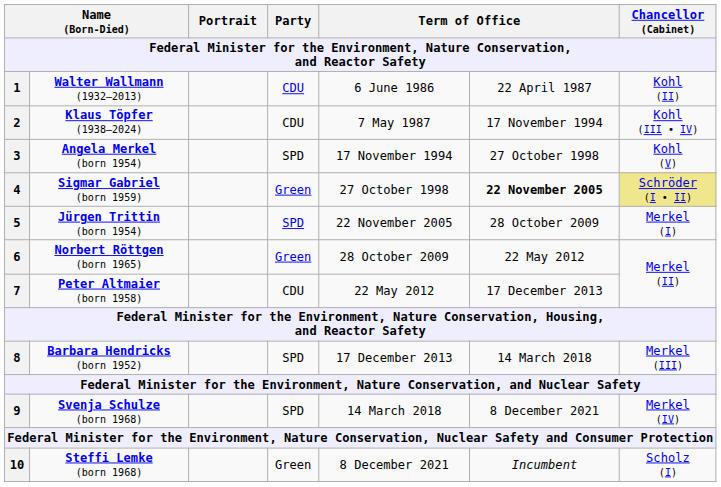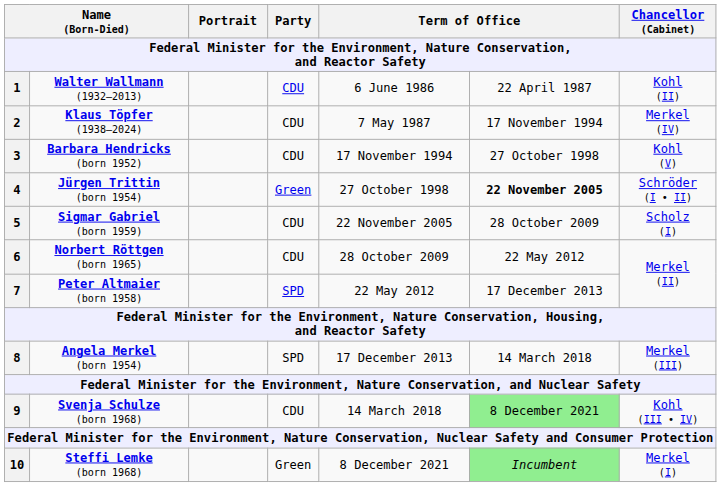 <table class="wikitable" style="text-align:center;">
 <tr>
 <th colspan=2>Name<br><small>(Born-Died)</small></th>
 <th>Portrait</th>
 <th>Party</th>
 <th colspan=2>Term of Office</th>
 <th><a href='#'>Chancellor</a><br><small>(Cabinet)</small></th>
 </tr>
 <tr>
 <th colspan="7" style="background:#EEEEFF">Federal Minister for the Environment, Nature Conservation,<br>and Reactor Safety</th>
 </tr>
 <tr>
 <th style="background:">1</th>
 <td><strong><a href='#'>Walter Wallmann</a></strong><br><small>(1932–2013)</small></td>
 <td></td>
 <td><a href='#'>CDU</a></td>
 <td>6 June 1986</td>
 <td>22 April 1987</td>
 <td><a href='#'>Kohl</a><br><small>(<a href='#'>II</a>)</small></td>
 </tr>
 <tr>
 <th style="background:">2</th>
 <td><strong><a href='#'>Klaus Töpfer</a></strong><br><small>(1938–2024)</small></td>
 <td></td>
 <td>CDU</td>
 <td>7 May 1987</td>
 <td>17 November 1994</td>
-<td><a href='#'>Kohl</a><br><small>(<a href='#'>III</a> • <a href='#'>IV</a>)</small></td>
+<td rowspan=1><a href='#'>Merkel</a><br><small>(<a href='#'>IV</a>)</small></td>
 </tr>
 <tr>
 <th style="background:">3</th>
-<td><strong><a href='#'>Angela Merkel</a></strong><br><small>(born 1954)</small></td>
+<td><strong><a href='#'>Barbara Hendricks</a></strong><br><small>(born 1952)</small></td>
 <td></td>
-<td>SPD</td>
+<td>CDU</td>
 <td>17 November 1994</td>
 <td>27 October 1998</td>
 <td><a href='#'>Kohl</a><br><small>(<a href='#'>V</a>)</small></td>
 </tr>
 <tr>
 <th style="background:">4</th>
-<td><strong><a href='#'>Sigmar Gabriel</a></strong><br><small>(born 1959)</small></td>
+<td><strong><a href='#'>Jürgen Trittin</a></strong><br><small>(born 1954)</small></td>
 <td></td>
 <td><a href='#'>Green</a></td>
 <td>27 October 1998</td>
 <td><strong>22 November 2005</strong></td>
-<td style="background: khaki;"><a href='#'>Schröder</a><br><small>(<a href='#'>I</a> • <a href='#'>II</a>)</small></td>
+<td><a href='#'>Schröder</a><br><small>(<a href='#'>I</a> • <a href='#'>II</a>)</small></td>
 </tr>
 <tr>
 <th style="background:">5</th>
-<td><strong><a href='#'>Jürgen Trittin</a></strong><br><small>(born 1954)</small></td>
+<td><strong><a href='#'>Sigmar Gabriel</a></strong><br><small>(born 1959)</small></td>
 <td></td>
-<td><a href='#'>SPD</a></td>
+<td>CDU</td>
 <td>22 November 2005</td>
 <td>28 October 2009</td>
-<td><a href='#'>Merkel</a><br><small>(<a href='#'>I</a>)</small></td>
+<td rowspan=1><a href='#'>Scholz</a><br><small>(<a href='#'>I</a>)</small></td>
 </tr>
 <tr>
 <th style="background:">6</th>
 <td><strong><a href='#'>Norbert Röttgen</a></strong><br><small>(born 1965)</small></td>
 <td></td>
-<td><a href='#'>Green</a></td>
+<td>CDU</td>
 <td>28 October 2009</td>
 <td>22 May 2012</td>
 <td rowspan=2><a href='#'>Merkel</a><br><small>(<a href='#'>II</a>)</small></td>
 </tr>
 <tr>
 <th style="background:">7</th>
 <td><strong><a href='#'>Peter Altmaier</a></strong><br><small>(born 1958)</small></td>
 <td></td>
-<td>CDU</td>
+<td><a href='#'>SPD</a></td>
 <td>22 May 2012</td>
 <td>17 December 2013</td>
 </tr>
 <tr>
 <th colspan="7" style="background:#EEEEFF">Federal Minister for the Environment, Nature Conservation, Housing,<br>and Reactor Safety</th>
 </tr>
 <tr>
 <th style="background:">8</th>
-<td><strong><a href='#'>Barbara Hendricks</a></strong><br><small>(born 1952)</small></td>
+<td><strong><a href='#'>Angela Merkel</a></strong><br><small>(born 1954)</small></td>
 <td></td>
 <td>SPD</td>
 <td>17 December 2013</td>
 <td>14 March 2018</td>
 <td rowspan=1><a href='#'>Merkel</a><br><small>(<a href='#'>III</a>)</small></td>
 </tr>
 <tr>
 <th colspan="7" style="background:#EEEEFF">Federal Minister for the Environment, Nature Conservation, and Nuclear Safety</th>
 </tr>
 <tr>
 <th style="background:">9</th>
 <td><strong><a href='#'>Svenja Schulze</a></strong><br><small>(born 1968)</small></td>
 <td></td>
-<td>SPD</td>
+<td>CDU</td>
 <td>14 March 2018</td>
-<td>8 December 2021</td>
-<td rowspan=1><a href='#'>Merkel</a><br><small>(<a href='#'>IV</a>)</small></td>
+<td style="background: lightgreen;">8 December 2021</td>
+<td><a href='#'>Kohl</a><br><small>(<a href='#'>III</a> • <a href='#'>IV</a>)</small></td>
 </tr>
 <tr>
 <th colspan="7" style="background:#EEEEFF">Federal Minister for the Environment, Nature Conservation, Nuclear Safety and Consumer Protection</th>
 </tr>
 <tr>
 <th style="background:">10</th>
 <td><strong><a href='#'>Steffi Lemke</a></strong><br><small>(born 1968)</small></td>
 <td></td>
 <td>Green</td>
 <td>8 December 2021</td>
-<td><em>Incumbent</em></td>
-<td rowspan=1><a href='#'>Scholz</a><br><small>(<a href='#'>I</a>)</small></td>
+<td style="background: lightgreen;"><em>Incumbent</em></td>
+<td><a href='#'>Merkel</a><br><small>(<a href='#'>I</a>)</small></td>
 </tr>
 </table>
